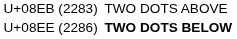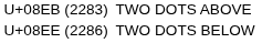 <table>
 <tr>
 <td>U+08EB (2283)</td>
 <td></td>
 <td>TWO DOTS ABOVE</td>
 </tr>
 <tr>
 <td>U+08EE (2286)</td>
 <td></td>
-<td><strong>TWO DOTS BELOW</strong></td>
+<td>TWO DOTS BELOW</td>
 </tr>
 <tr>
 </tr>
 </table>
